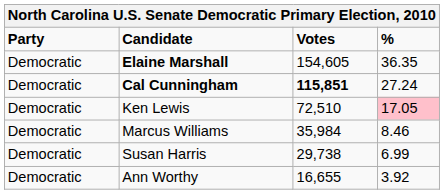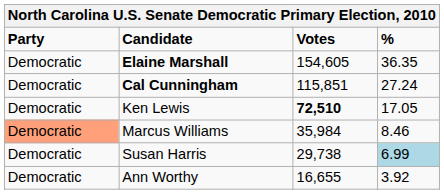 <table class="wikitable">
 <tr>
 <th colspan="4">North Carolina U.S. Senate Democratic Primary Election, 2010</th>
 </tr>
 <tr>
 <td><strong>Party</strong></td>
 <td><strong>Candidate</strong></td>
 <td><strong>Votes</strong></td>
 <td><strong>%</strong></td>
 </tr>
 <tr>
 <td>Democratic</td>
 <td><strong>Elaine Marshall</strong></td>
 <td>154,605</td>
 <td>36.35</td>
 </tr>
 <tr>
 <td>Democratic</td>
 <td><strong>Cal Cunningham</strong></td>
-<td><strong>115,851</strong></td>
+<td>115,851</td>
 <td>27.24</td>
 </tr>
 <tr>
 <td>Democratic</td>
 <td>Ken Lewis</td>
-<td>72,510</td>
-<td style="background: pink;">17.05</td>
+<td><strong>72,510</strong></td>
+<td>17.05</td>
 </tr>
 <tr>
-<td>Democratic</td>
+<td style="background: lightsalmon;">Democratic</td>
 <td>Marcus Williams</td>
 <td>35,984</td>
 <td>8.46</td>
 </tr>
 <tr>
 <td>Democratic</td>
 <td>Susan Harris</td>
 <td>29,738</td>
-<td>6.99</td>
+<td style="background: lightblue;">6.99</td>
 </tr>
 <tr>
 <td>Democratic</td>
 <td>Ann Worthy</td>
 <td>16,655</td>
 <td>3.92</td>
 </tr>
 </table>
